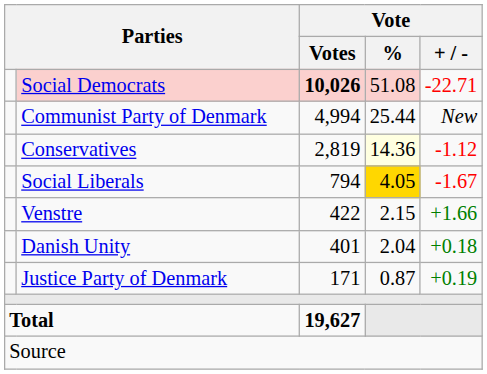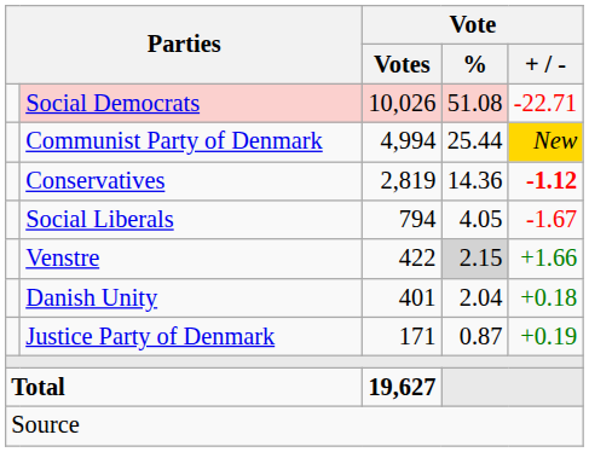 <table class="wikitable" style="text-align:right;">
 <tr>
 <th style="text-align:centre;" rowspan="2" colspan="2" width="225">Parties</th>
 <th colspan="3">Vote</th>
 </tr>
 <tr>
 <th width="15">Votes</th>
 <th width="15">%</th>
 <th width="15">+ / -</th>
 </tr>
 <tr>
 <td width="2" style="color:inherit;background:"></td>
 <td bgcolor=#fbd0ce  align="left"><a href='#'>Social Democrats</a></td>
-<td bgcolor=#fbd0ce><strong>10,026</strong></td>
+<td bgcolor=#fbd0ce>10,026</td>
 <td bgcolor=#fbd0ce>51.08</td>
 <td style=color:red;>-22.71</td>
 </tr>
 <tr>
 <td width="2" style="color:inherit;background:"></td>
 <td align="left"><a href='#'>Communist Party of Denmark</a></td>
 <td>4,994</td>
 <td>25.44</td>
-<td><em>New</em></td>
+<td style="background: gold;"><em>New</em></td>
 </tr>
 <tr>
 <td width="2" style="color:inherit;background:"></td>
 <td align="left"><a href='#'>Conservatives</a></td>
 <td>2,819</td>
-<td style="background: lightyellow;">14.36</td>
-<td style=color:red;>-1.12</td>
+<td>14.36</td>
+<td style=color:red;><strong>-1.12</strong></td>
 </tr>
 <tr>
 <td width="2" style="color:inherit;background:"></td>
 <td align="left"><a href='#'>Social Liberals</a></td>
 <td>794</td>
-<td style="background: gold;">4.05</td>
+<td>4.05</td>
 <td style=color:red;>-1.67</td>
 </tr>
 <tr>
 <td width="2" style="color:inherit;background:"></td>
 <td align="left"><a href='#'>Venstre</a></td>
 <td>422</td>
-<td>2.15</td>
+<td style="background: lightgrey;">2.15</td>
 <td style=color:green;>+1.66</td>
 </tr>
 <tr>
 <td width="2" style="color:inherit;background:"></td>
 <td align="left"><a href='#'>Danish Unity</a></td>
 <td>401</td>
 <td>2.04</td>
 <td style=color:green;>+0.18</td>
 </tr>
 <tr>
 <td width="2" style="color:inherit;background:"></td>
 <td align="left"><a href='#'>Justice Party of Denmark</a></td>
 <td>171</td>
 <td>0.87</td>
 <td style=color:green;>+0.19</td>
 </tr>
 <tr>
 <td colspan="7" bgcolor="#E9E9E9"></td>
 </tr>
 <tr>
 <td align="left" colspan="2"><strong>Total</strong></td>
 <td><strong>19,627</strong></td>
 <td bgcolor="#E9E9E9" colspan="2"></td>
 </tr>
 <tr>
 <td align="left" colspan="6">Source</td>
 </tr>
 </table>
